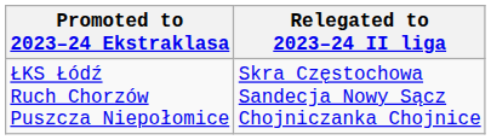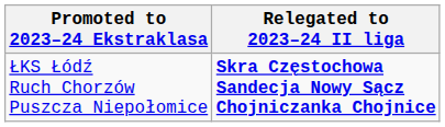 <table class="wikitable">
 <tr>
 <th>Promoted to<br><a href='#'>2023–24 Ekstraklasa</a></th>
 <th>Relegated to<br><a href='#'>2023–24 II liga</a></th>
 </tr>
 <tr>
 <td> <a href='#'>ŁKS Łódź</a><br> <a href='#'>Ruch Chorzów</a><br> <a href='#'>Puszcza Niepołomice</a></td>
-<td> <a href='#'>Skra Częstochowa</a><br> <a href='#'>Sandecja Nowy Sącz</a><br> <a href='#'>Chojniczanka Chojnice</a></td>
+<td><strong> <a href='#'>Skra Częstochowa</a><br> <a href='#'>Sandecja Nowy Sącz</a><br> <a href='#'>Chojniczanka Chojnice</a></strong></td>
 </tr>
 </table>
